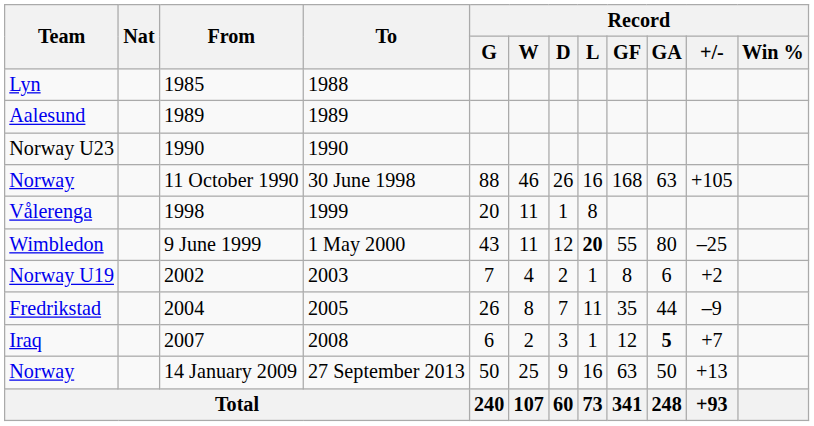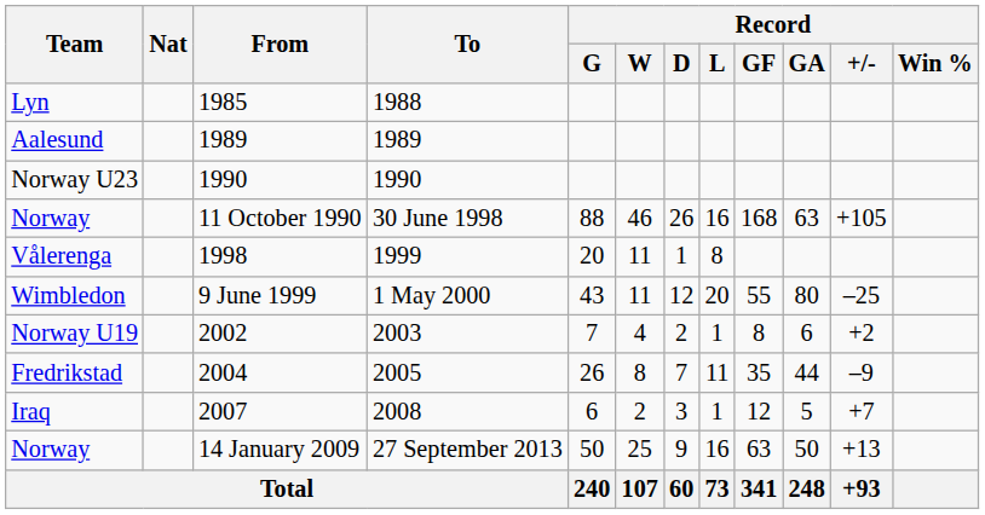 <table class="wikitable" style="text-align: center">
 <tr>
 <th rowspan="2">Team</th>
 <th rowspan="2">Nat</th>
 <th rowspan="2">From</th>
 <th rowspan="2">To</th>
 <th colspan="8">Record</th>
 </tr>
 <tr>
 <th>G</th>
 <th>W</th>
 <th>D</th>
 <th>L</th>
 <th>GF</th>
 <th>GA</th>
 <th>+/-</th>
 <th>Win %</th>
 </tr>
 <tr>
 <td align=left><a href='#'>Lyn</a></td>
 <td align=left></td>
 <td align=left>1985</td>
 <td align=left>1988</td>
 <td></td>
 <td></td>
 <td></td>
 <td></td>
 <td></td>
 <td></td>
 <td></td>
 <td></td>
 </tr>
 <tr>
 <td align=left><a href='#'>Aalesund</a></td>
 <td align=left></td>
 <td align=left>1989</td>
 <td align=left>1989</td>
 <td></td>
 <td></td>
 <td></td>
 <td></td>
 <td></td>
 <td></td>
 <td></td>
 <td></td>
 </tr>
 <tr>
 <td align=left>Norway U23</td>
 <td align=left></td>
 <td align=left>1990</td>
 <td align=left>1990</td>
 <td></td>
 <td></td>
 <td></td>
 <td></td>
 <td></td>
 <td></td>
 <td></td>
 <td></td>
 </tr>
 <tr>
 <td align=left><a href='#'>Norway</a></td>
 <td align=left></td>
 <td align=left>11 October 1990</td>
 <td align=left>30 June 1998</td>
 <td>88</td>
 <td>46</td>
 <td>26</td>
 <td>16</td>
 <td>168</td>
 <td>63</td>
 <td>+105</td>
 <td></td>
 </tr>
 <tr>
 <td align=left><a href='#'>Vålerenga</a></td>
 <td align=left></td>
 <td align=left>1998</td>
 <td align=left>1999</td>
 <td>20</td>
 <td>11</td>
 <td>1</td>
 <td>8</td>
 <td></td>
 <td></td>
 <td></td>
 <td></td>
 </tr>
 <tr>
 <td align=left><a href='#'>Wimbledon</a></td>
 <td align=left></td>
 <td align=left>9 June 1999</td>
 <td align=left>1 May 2000</td>
 <td>43</td>
 <td>11</td>
 <td>12</td>
-<td><strong>20</strong></td>
+<td>20</td>
 <td>55</td>
 <td>80</td>
 <td>–25</td>
 <td></td>
 </tr>
 <tr>
 <td align=left><a href='#'>Norway U19</a></td>
 <td align=left></td>
 <td align=left>2002</td>
 <td align=left>2003</td>
 <td>7</td>
 <td>4</td>
 <td>2</td>
 <td>1</td>
 <td>8</td>
 <td>6</td>
 <td>+2</td>
 <td></td>
 </tr>
 <tr>
 <td align=left><a href='#'>Fredrikstad</a></td>
 <td align=left></td>
 <td align=left>2004</td>
 <td align=left>2005</td>
 <td>26</td>
 <td>8</td>
 <td>7</td>
 <td>11</td>
 <td>35</td>
 <td>44</td>
 <td>–9</td>
 <td></td>
 </tr>
 <tr>
 <td align=left><a href='#'>Iraq</a></td>
 <td align=left></td>
 <td align=left>2007</td>
 <td align=left>2008</td>
 <td>6</td>
 <td>2</td>
 <td>3</td>
 <td>1</td>
 <td>12</td>
-<td><strong>5</strong></td>
+<td>5</td>
 <td>+7</td>
 <td></td>
 </tr>
 <tr>
 <td align=left><a href='#'>Norway</a></td>
 <td align=left></td>
 <td align=left>14 January 2009</td>
 <td align=left>27 September 2013</td>
 <td>50</td>
 <td>25</td>
 <td>9</td>
 <td>16</td>
 <td>63</td>
 <td>50</td>
 <td>+13</td>
 <td></td>
 </tr>
 <tr>
 <th colspan="4">Total</th>
 <th>240</th>
 <th>107</th>
 <th>60</th>
 <th>73</th>
 <th>341</th>
 <th>248</th>
 <th>+93</th>
 <th></th>
 </tr>
 </table>
